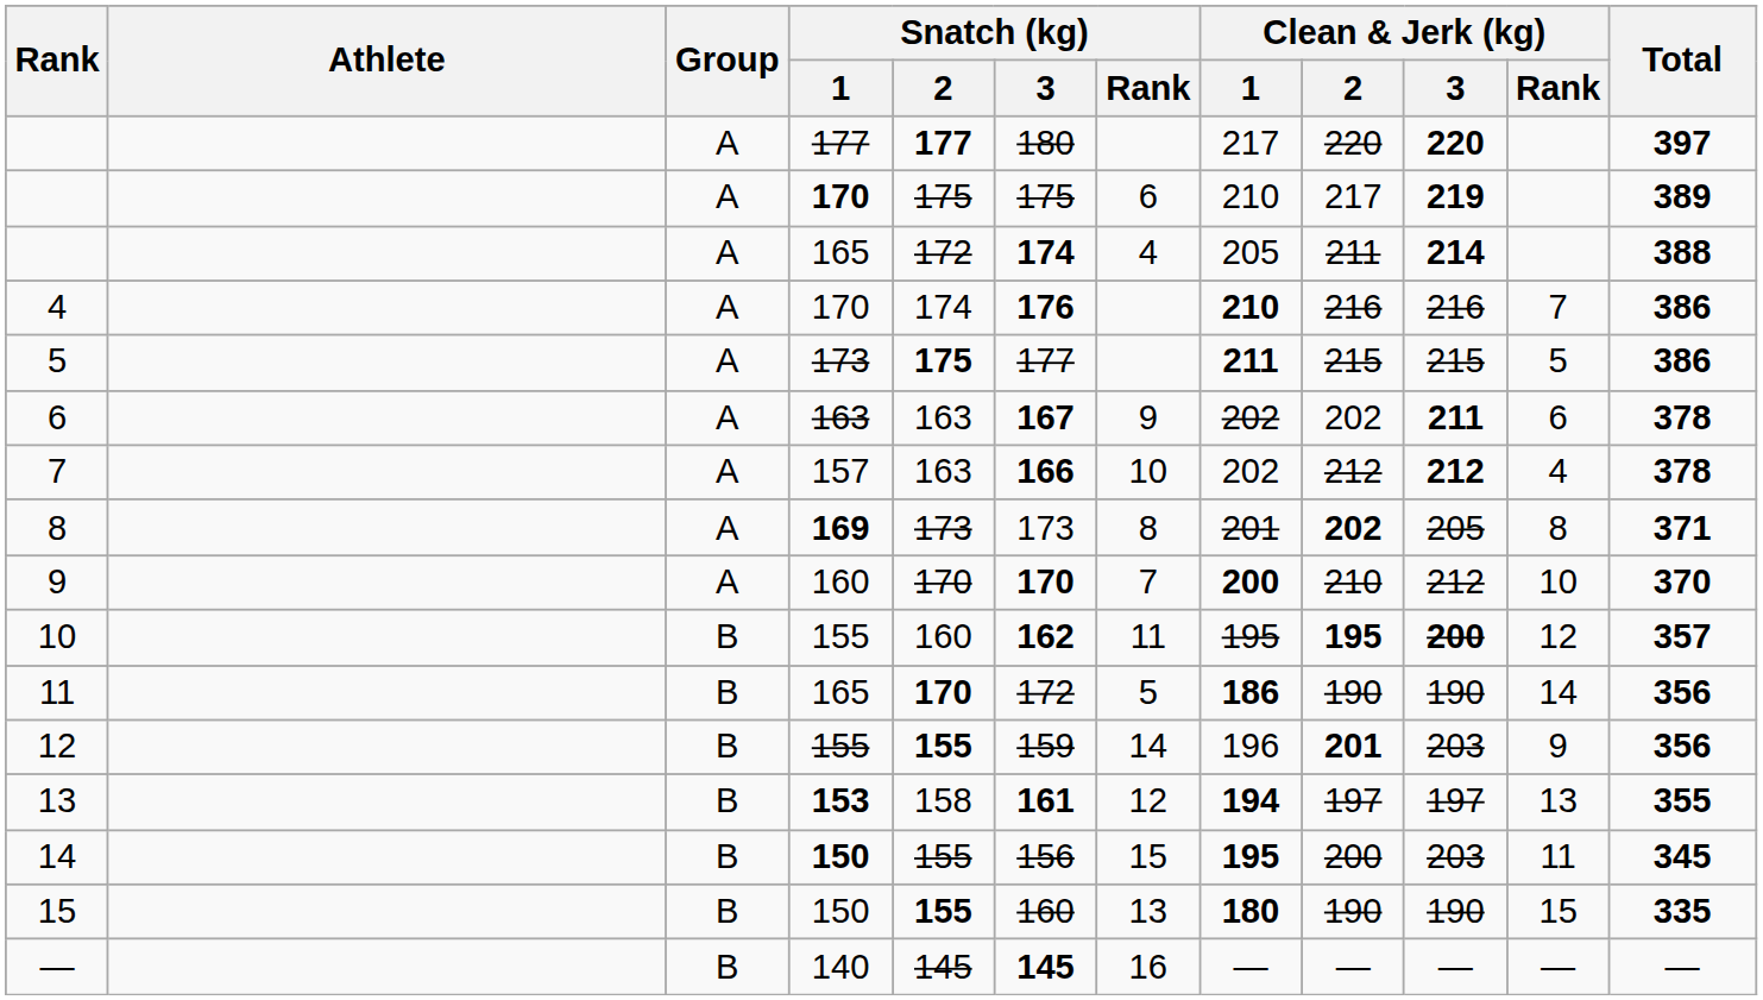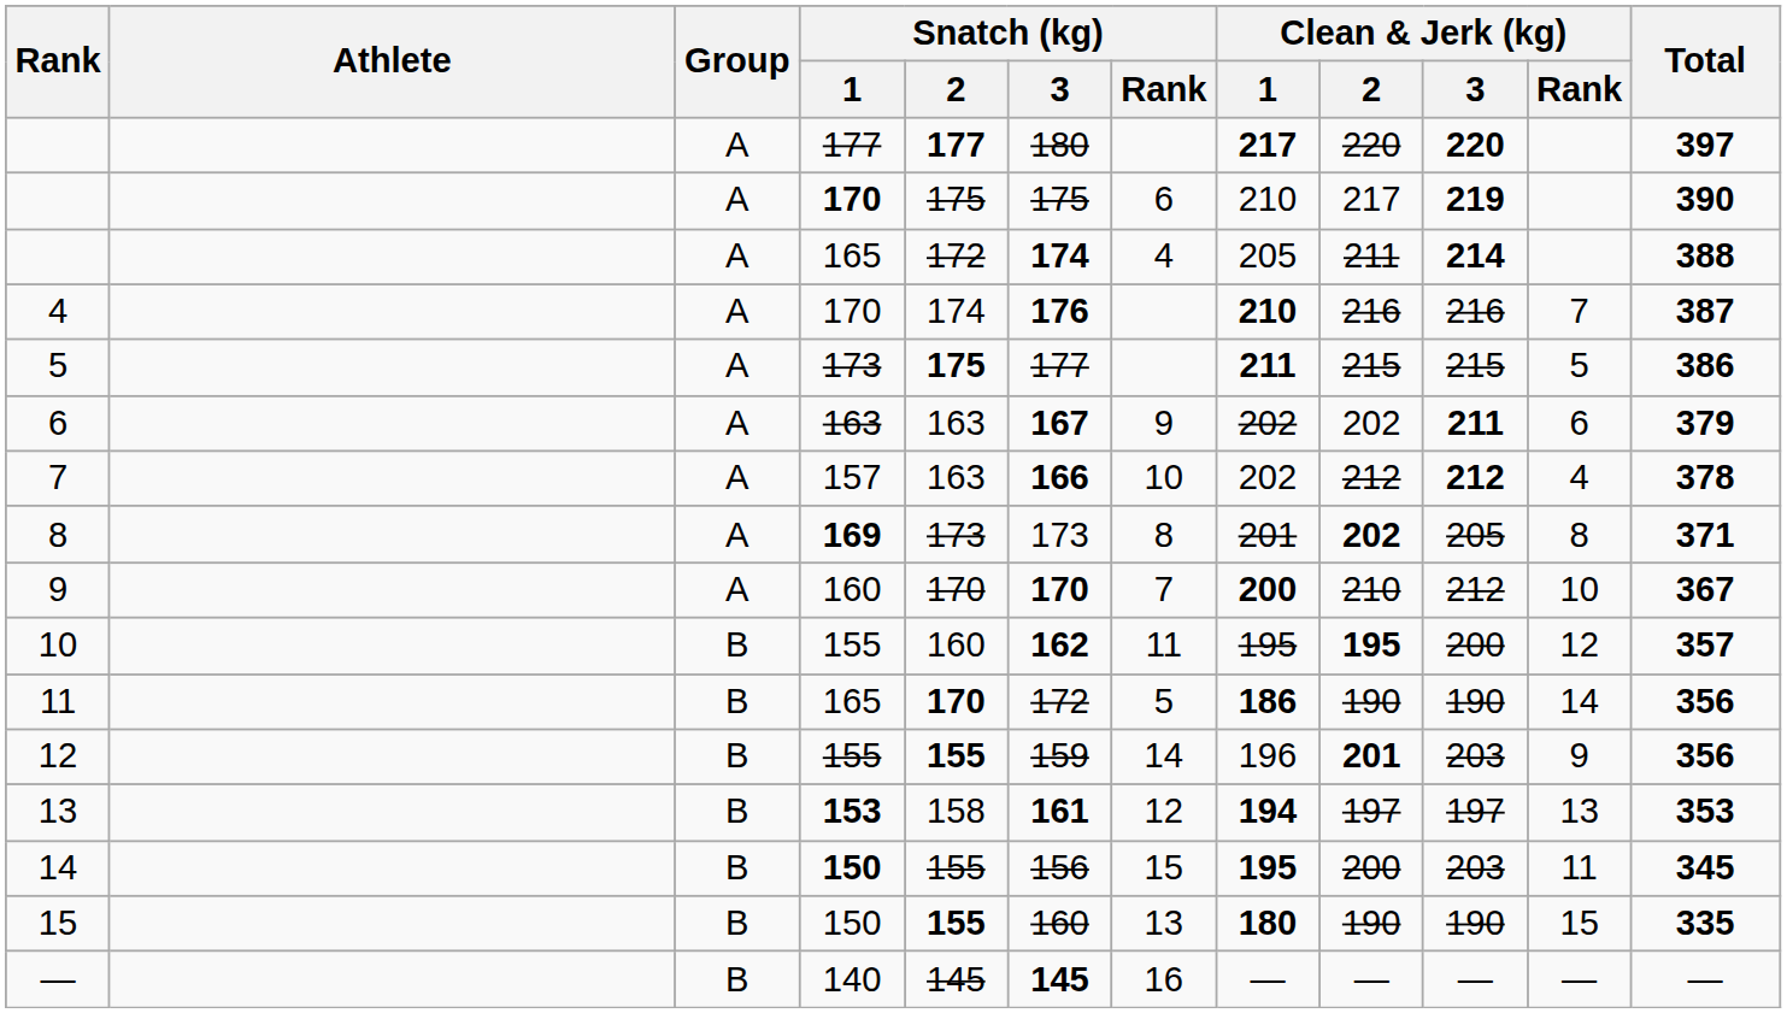 <table class = "wikitable" style="text-align:center;">
 <tr>
 <th rowspan=2 width=40>Rank</th>
 <th rowspan=2 width=250>Athlete</th>
 <th rowspan=2 width=50>Group</th>
 <th colspan=4>Snatch (kg)</th>
 <th colspan=4>Clean & Jerk (kg)</th>
 <th rowspan=2 width=60>Total</th>
 </tr>
 <tr>
 <th width=40>1</th>
 <th width=40>2</th>
 <th width=40>3</th>
 <th width=40>Rank</th>
 <th width=40>1</th>
 <th width=40>2</th>
 <th width=40>3</th>
 <th width=40>Rank</th>
 </tr>
 <tr>
 <td></td>
 <td align=left></td>
 <td>A</td>
 <td><s>177</s></td>
 <td><strong>177</strong></td>
 <td><s>180</s></td>
 <td></td>
-<td>217</td>
+<td><strong>217</strong></td>
 <td><s>220</s></td>
 <td><strong>220</strong></td>
 <td></td>
 <td><strong>397</strong></td>
 </tr>
 <tr>
 <td></td>
 <td align=left></td>
 <td>A</td>
 <td><strong>170</strong></td>
 <td><s>175</s></td>
 <td><s>175</s></td>
 <td>6</td>
 <td>210</td>
 <td>217</td>
 <td><strong>219</strong></td>
 <td></td>
-<td><strong>389</strong></td>
+<td><strong>390</strong></td>
 </tr>
 <tr>
 <td></td>
 <td align=left></td>
 <td>A</td>
 <td>165</td>
 <td><s>172</s></td>
 <td><strong>174</strong></td>
 <td>4</td>
 <td>205</td>
 <td><s>211</s></td>
 <td><strong>214</strong></td>
 <td></td>
 <td><strong>388</strong></td>
 </tr>
 <tr>
 <td>4</td>
 <td align=left></td>
 <td>A</td>
 <td>170</td>
 <td>174</td>
 <td><strong>176</strong></td>
 <td></td>
 <td><strong>210</strong></td>
 <td><s>216</s></td>
 <td><s>216</s></td>
 <td>7</td>
-<td><strong>386</strong></td>
+<td><strong>387</strong></td>
 </tr>
 <tr>
 <td>5</td>
 <td align=left></td>
 <td>A</td>
 <td><s>173</s></td>
 <td><strong>175</strong></td>
 <td><s>177</s></td>
 <td></td>
 <td><strong>211</strong></td>
 <td><s>215</s></td>
 <td><s>215</s></td>
 <td>5</td>
 <td><strong>386</strong></td>
 </tr>
 <tr>
 <td>6</td>
 <td align=left></td>
 <td>A</td>
 <td><s>163</s></td>
 <td>163</td>
 <td><strong>167</strong></td>
 <td>9</td>
 <td><s>202</s></td>
 <td>202</td>
 <td><strong>211</strong></td>
 <td>6</td>
-<td><strong>378</strong></td>
+<td><strong>379</strong></td>
 </tr>
 <tr>
 <td>7</td>
 <td align=left></td>
 <td>A</td>
 <td>157</td>
 <td>163</td>
 <td><strong>166</strong></td>
 <td>10</td>
 <td>202</td>
 <td><s>212</s></td>
 <td><strong>212</strong></td>
 <td>4</td>
 <td><strong>378</strong></td>
 </tr>
 <tr>
 <td>8</td>
 <td align=left></td>
 <td>A</td>
 <td><strong>169</strong></td>
 <td><s>173</s></td>
 <td>173</td>
 <td>8</td>
 <td><s>201</s></td>
 <td><strong>202</strong></td>
 <td><s>205</s></td>
 <td>8</td>
 <td><strong>371</strong></td>
 </tr>
 <tr>
 <td>9</td>
 <td align=left></td>
 <td>A</td>
 <td>160</td>
 <td><s>170</s></td>
 <td><strong>170</strong></td>
 <td>7</td>
 <td><strong>200</strong></td>
 <td><s>210</s></td>
 <td><s>212</s></td>
 <td>10</td>
-<td><strong>370</strong></td>
+<td><strong>367</strong></td>
 </tr>
 <tr>
 <td>10</td>
 <td align=left></td>
 <td>B</td>
 <td>155</td>
 <td>160</td>
 <td><strong>162</strong></td>
 <td>11</td>
 <td><s>195</s></td>
 <td><strong>195</strong></td>
-<td><strong><s>200</s></strong></td>
+<td><s>200</s></td>
 <td>12</td>
 <td><strong>357</strong></td>
 </tr>
 <tr>
 <td>11</td>
 <td align=left></td>
 <td>B</td>
 <td>165</td>
 <td><strong>170</strong></td>
 <td><s>172</s></td>
 <td>5</td>
 <td><strong>186</strong></td>
 <td><s>190</s></td>
 <td><s>190</s></td>
 <td>14</td>
 <td><strong>356</strong></td>
 </tr>
 <tr>
 <td>12</td>
 <td align=left></td>
 <td>B</td>
 <td><s>155</s></td>
 <td><strong>155</strong></td>
 <td><s>159</s></td>
 <td>14</td>
 <td>196</td>
 <td><strong>201</strong></td>
 <td><s>203</s></td>
 <td>9</td>
 <td><strong>356</strong></td>
 </tr>
 <tr>
 <td>13</td>
 <td align=left></td>
 <td>B</td>
 <td><strong>153</strong></td>
 <td>158</td>
 <td><strong>161</strong></td>
 <td>12</td>
 <td><strong>194</strong></td>
 <td><s>197</s></td>
 <td><s>197</s></td>
 <td>13</td>
-<td><strong>355</strong></td>
+<td><strong>353</strong></td>
 </tr>
 <tr>
 <td>14</td>
 <td align=left></td>
 <td>B</td>
 <td><strong>150</strong></td>
 <td><s>155</s></td>
 <td><s>156</s></td>
 <td>15</td>
 <td><strong>195</strong></td>
 <td><s>200</s></td>
 <td><s>203</s></td>
 <td>11</td>
 <td><strong>345</strong></td>
 </tr>
 <tr>
 <td>15</td>
 <td align=left></td>
 <td>B</td>
 <td>150</td>
 <td><strong>155</strong></td>
 <td><s>160</s></td>
 <td>13</td>
 <td><strong>180</strong></td>
 <td><s>190</s></td>
 <td><s>190</s></td>
 <td>15</td>
 <td><strong>335</strong></td>
 </tr>
 <tr>
 <td>—</td>
 <td align=left></td>
 <td>B</td>
 <td>140</td>
 <td><s>145</s></td>
 <td><strong>145</strong></td>
 <td>16</td>
 <td>—</td>
 <td>—</td>
 <td>—</td>
 <td>—</td>
 <td>—</td>
 </tr>
 </table>
